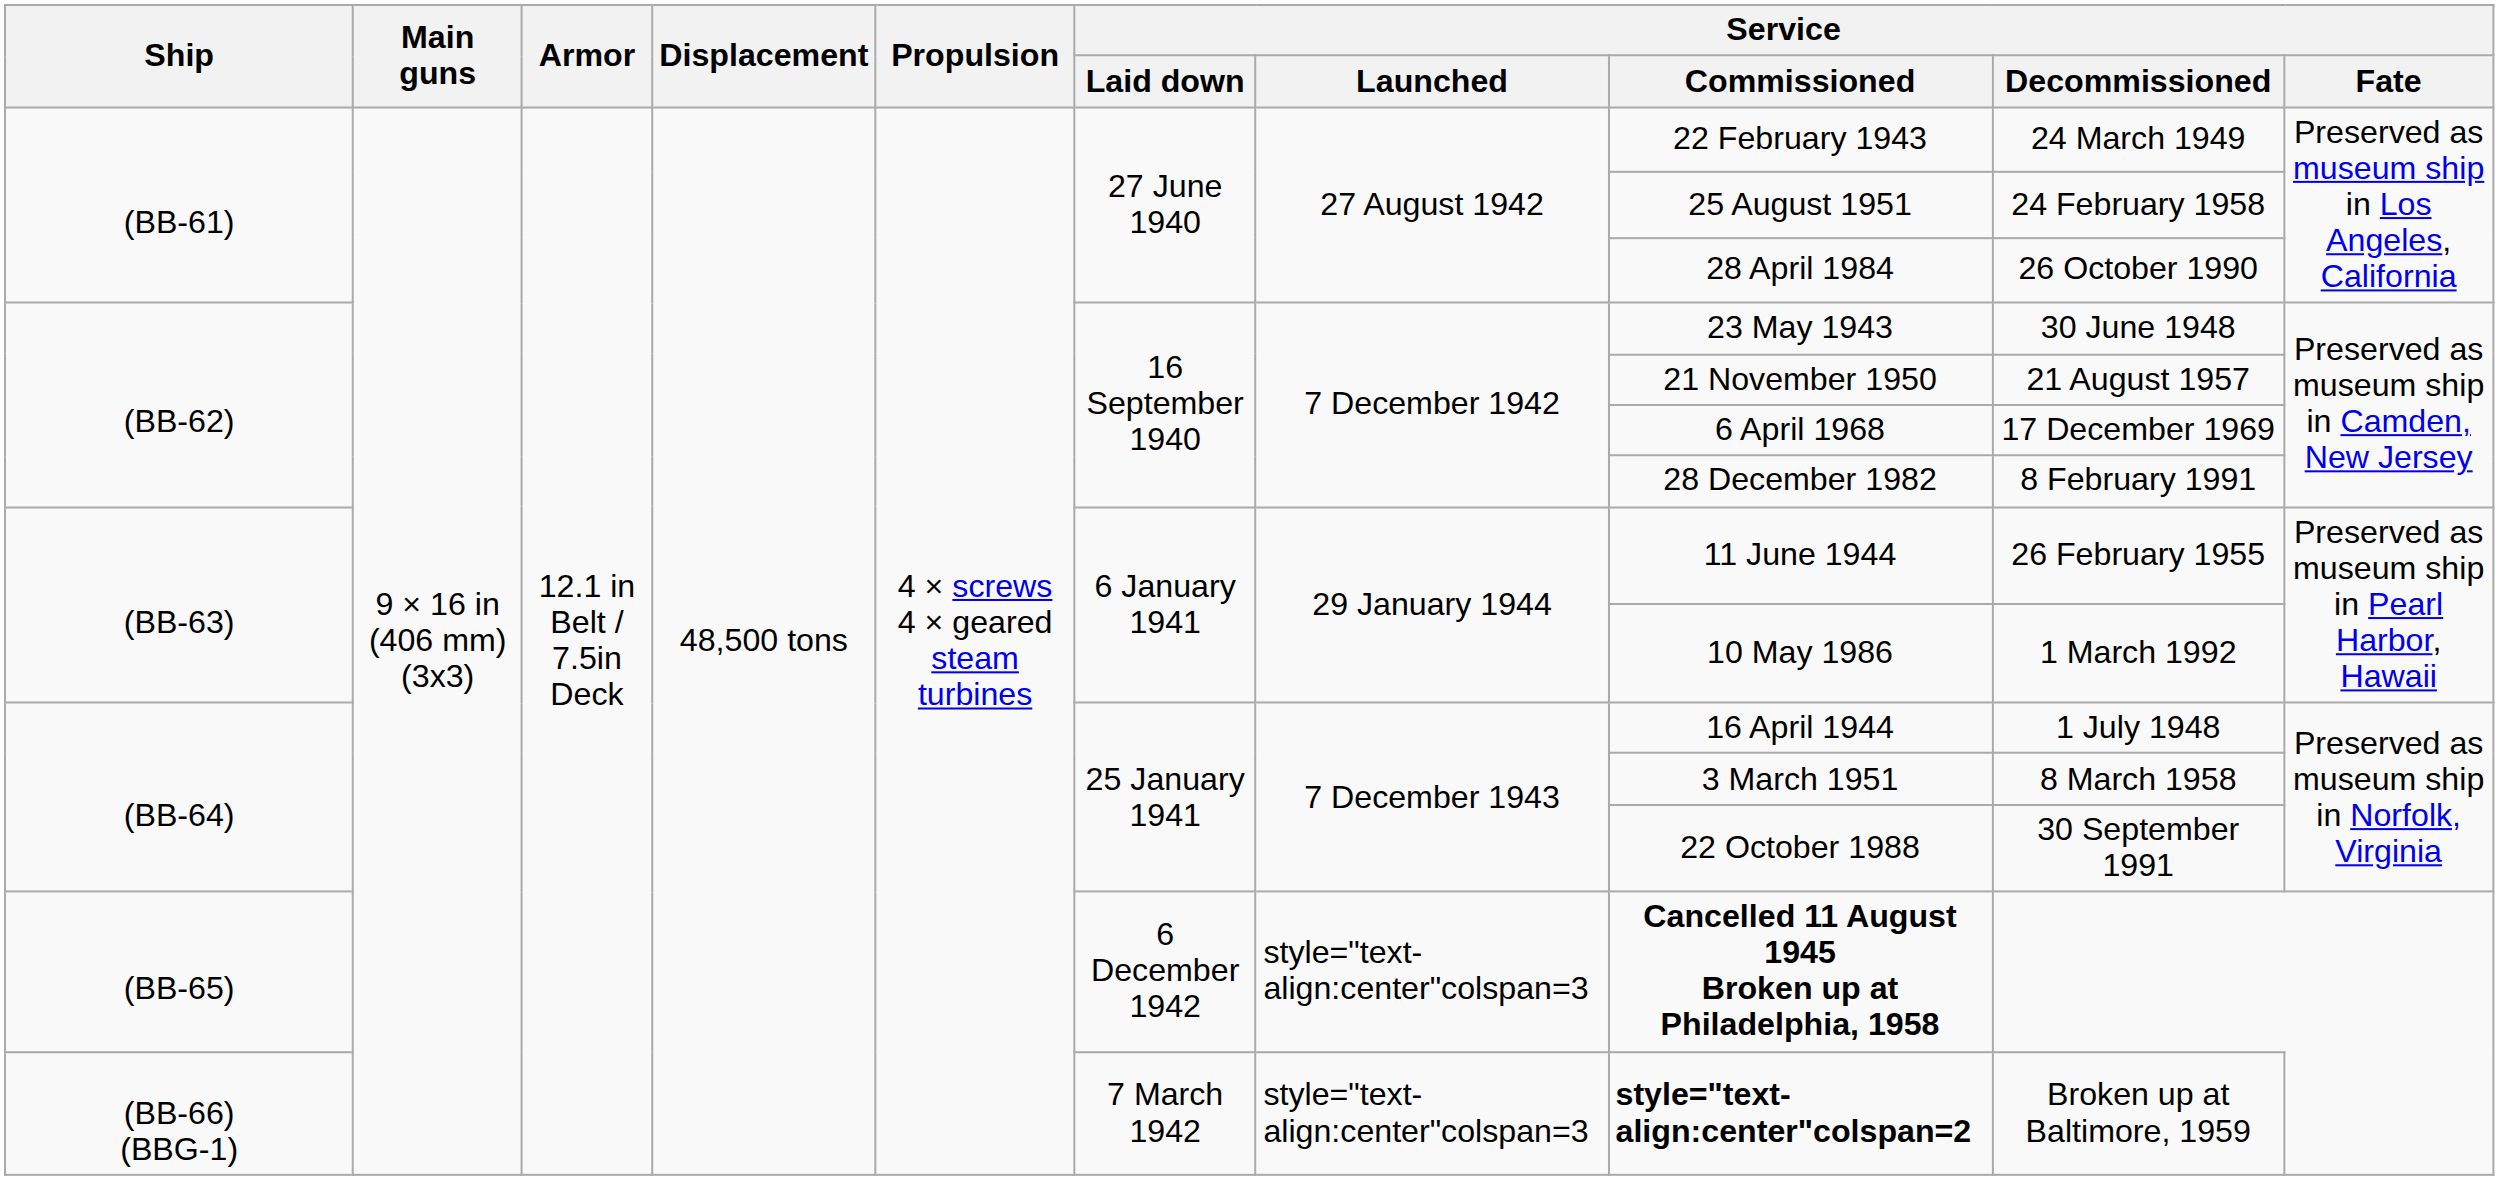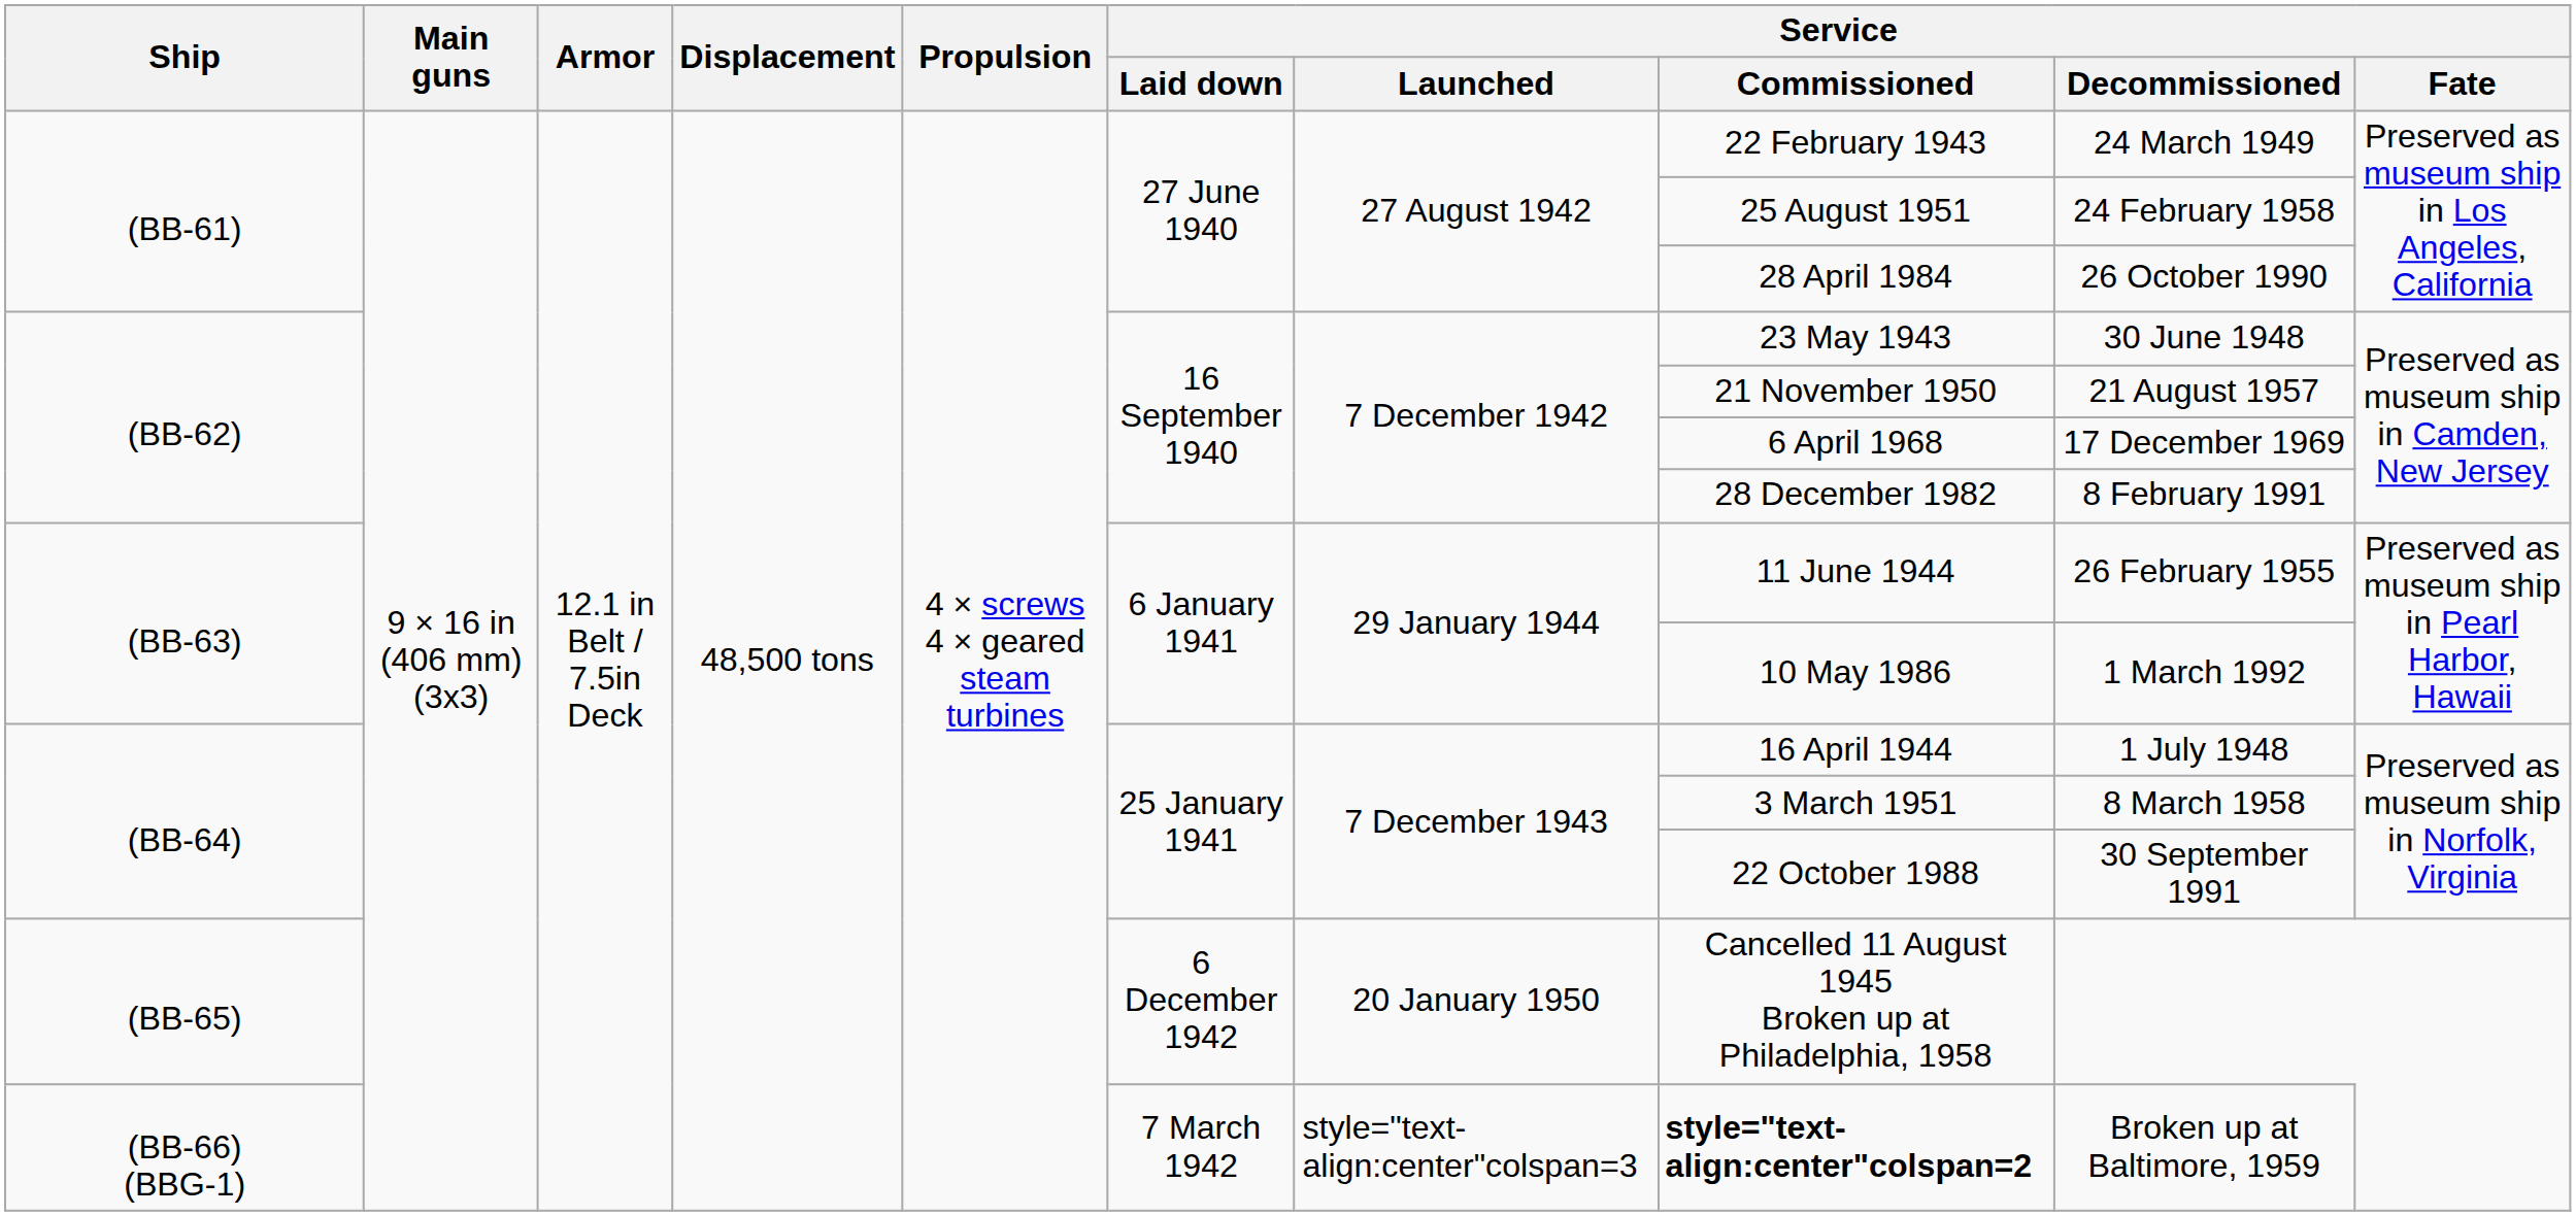 <table class="wikitable" style="width:98%;">
 <tr valign="center">
 <th scope="col" rowspan="2" style="text-align:center; width:14%;">Ship</th>
 <th scope="col" style="text-align:center;" rowspan="2">Main guns</th>
 <th scope="col" style="text-align:center;" rowspan="2">Armor</th>
 <th scope="col" style="text-align:center;" rowspan="2">Displacement</th>
 <th scope="col" style="text-align:center;" rowspan="2">Propulsion</th>
 <th scope="col" style="text-align:center;" colspan="5">Service</th>
 </tr>
 <tr valign="top">
 <th scope="col" style="text-align:center;">Laid down</th>
 <th scope="col" style="text-align:center;">Launched</th>
 <th scope="col" style="text-align:center;">Commissioned</th>
 <th scope="col" style="text-align:center;">Decommissioned</th>
 <th scope="col" style="text-align:center;">Fate</th>
 </tr>
 <tr>
 <td style="text-align:center;" rowspan="3"><br>(BB-61)</td>
 <td style="text-align:center;" rowspan="18">9 × 16 in (406 mm) (3x3)</td>
 <td style="text-align:center;" rowspan="18">12.1  in Belt / 7.5in Deck</td>
 <td style="text-align:center;" rowspan="18">48,500 tons</td>
 <td style="text-align:center;" rowspan="18">4 × <a href='#'>screws</a><br>4 × geared <a href='#'>steam turbines</a></td>
 <td style="text-align:center;" rowspan="3">27 June 1940</td>
 <td style="text-align:center;" rowspan="3">27 August 1942</td>
 <td style="text-align:center">22 February 1943</td>
 <td style="text-align:center">24 March 1949</td>
 <td style="text-align:center;" rowspan="3">Preserved as <a href='#'>museum ship</a> in <a href='#'>Los Angeles</a>, <a href='#'>California</a></td>
 </tr>
 <tr>
 <td style="text-align:center">25 August 1951</td>
 <td style="text-align:center">24 February 1958</td>
 </tr>
 <tr>
 <td style="text-align:center">28 April 1984</td>
 <td style="text-align:center">26 October 1990</td>
 </tr>
 <tr>
 <td style="text-align:center;" rowspan="4"><br>(BB-62)</td>
 <td style="text-align:center;" rowspan="4">16 September 1940</td>
 <td style="text-align:center;" rowspan="4">7 December 1942</td>
 <td style="text-align:center">23 May 1943</td>
 <td style="text-align:center">30 June 1948</td>
 <td style="text-align:center;" rowspan="4">Preserved as museum ship in <a href='#'>Camden, New Jersey</a></td>
 </tr>
 <tr>
 <td style="text-align:center">21 November 1950</td>
 <td style="text-align:center">21 August 1957</td>
 </tr>
 <tr>
 <td style="text-align:center">6 April 1968</td>
 <td style="text-align:center">17 December 1969</td>
 </tr>
 <tr>
 <td style="text-align:center">28 December 1982</td>
 <td style="text-align:center">8 February 1991</td>
 </tr>
 <tr>
 <td style="text-align:center;" rowspan="2"><br>(BB-63)</td>
 <td style="text-align:center;" rowspan="2">6 January 1941</td>
 <td style="text-align:center;" rowspan="2">29 January 1944</td>
 <td style="text-align:center">11 June 1944</td>
 <td style="text-align:center">26 February 1955</td>
 <td style="text-align:center;" rowspan="2">Preserved as museum ship in <a href='#'>Pearl Harbor</a>, <a href='#'>Hawaii</a></td>
 </tr>
 <tr>
 <td style="text-align:center">10 May 1986</td>
 <td style="text-align:center">1 March 1992</td>
 </tr>
 <tr>
 <td style="text-align:center;" rowspan="3"><br>(BB-64)</td>
 <td style="text-align:center;" rowspan="3">25 January 1941</td>
 <td style="text-align:center;" rowspan="3">7 December 1943</td>
 <td style="text-align:center">16 April 1944</td>
 <td style="text-align:center">1 July 1948</td>
 <td style="text-align:center;" rowspan="3">Preserved as museum ship in <a href='#'>Norfolk, Virginia</a></td>
 </tr>
 <tr>
 <td style="text-align:center">3 March 1951</td>
 <td style="text-align:center">8 March 1958</td>
 </tr>
 <tr>
 <td style="text-align:center">22 October 1988</td>
 <td style="text-align:center">30 September 1991</td>
 </tr>
 <tr>
 <td style="text-align:center"><br>(BB-65)</td>
 <td style="text-align:center">6 December 1942</td>
-<td>style="text-align:center"colspan=3 </td>
-<td style="text-align:center"><strong>Cancelled 11 August 1945<br>Broken up at Philadelphia, 1958</strong></td>
+<td style="text-align:center">20 January 1950</td>
+<td style="text-align:center">Cancelled 11 August 1945<br>Broken up at Philadelphia, 1958</td>
 </tr>
 <tr>
 <td style="text-align:center"><br>(BB-66)<br>(BBG-1)</td>
 <td style="text-align:center">7 March 1942</td>
 <td>style="text-align:center"colspan=3 </td>
 <td><strong>style="text-align:center"colspan=2 </strong></td>
 <td style="text-align:center">Broken up at Baltimore, 1959</td>
 </tr>
 </table>
